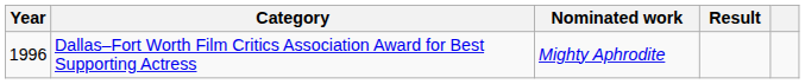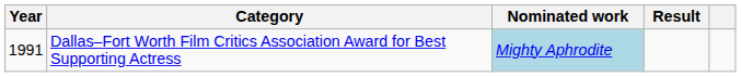 <table class="wikitable">
 <tr>
 <th>Year</th>
 <th width="450">Category</th>
 <th width="148">Nominated work</th>
 <th width="60">Result</th>
 <th width="20" class="unsortable"></th>
 </tr>
 <tr>
-<td>1996</td>
+<td>1991</td>
 <td><a href='#'>Dallas–Fort Worth Film Critics Association Award for Best Supporting Actress</a></td>
-<td><em><a href='#'>Mighty Aphrodite</a></em></td>
+<td style="background: lightblue;"><em><a href='#'>Mighty Aphrodite</a></em></td>
 <td></td>
 <td></td>
 </tr>
 </table>
